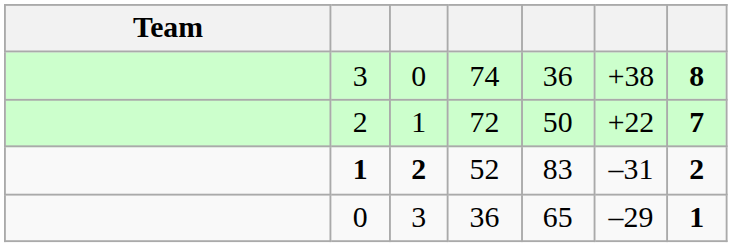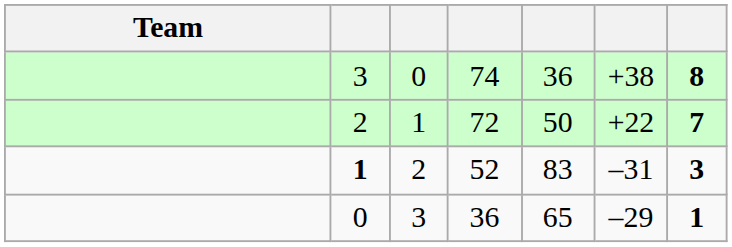 <table class="wikitable" style="text-align:center;">
 <tr>
 <th style="width:10.5em;">Team</th>
 <th style="width:1.5em;"></th>
 <th style="width:1.5em;"></th>
 <th style="width:2.0em;"></th>
 <th style="width:2.0em;"></th>
 <th style="width:2.0em;"></th>
 <th style="width:1.5em;"></th>
 </tr>
 <tr bgcolor=#cfc>
 <td align="left"></td>
 <td>3</td>
 <td>0</td>
 <td>74</td>
 <td>36</td>
 <td>+38</td>
 <td><strong>8</strong></td>
 </tr>
 <tr bgcolor=#cfc>
 <td align="left"></td>
 <td>2</td>
 <td>1</td>
 <td>72</td>
 <td>50</td>
 <td>+22</td>
 <td><strong>7</strong></td>
 </tr>
 <tr>
 <td align="left"></td>
 <td><strong>1</strong></td>
-<td><strong>2</strong></td>
+<td>2</td>
 <td>52</td>
 <td>83</td>
 <td>–31</td>
-<td><strong>2</strong></td>
+<td><strong>3</strong></td>
 </tr>
 <tr>
 <td align="left"></td>
 <td>0</td>
 <td>3</td>
 <td>36</td>
 <td>65</td>
 <td>–29</td>
 <td><strong>1</strong></td>
 </tr>
 </table>
